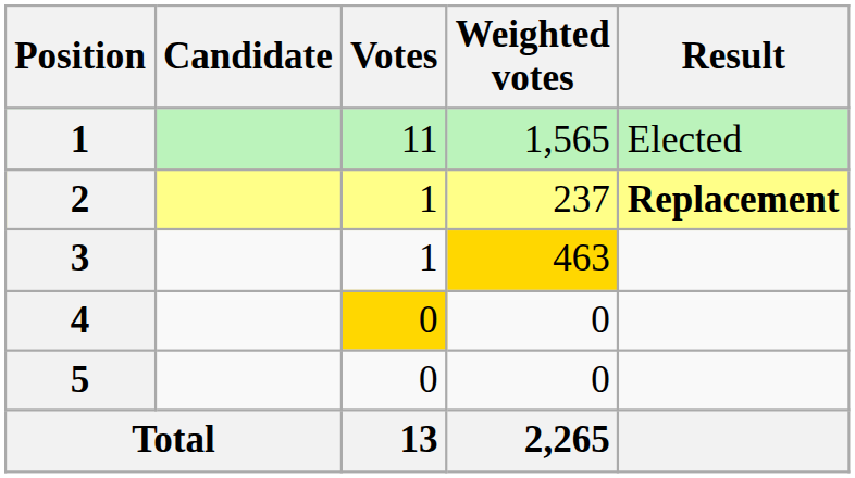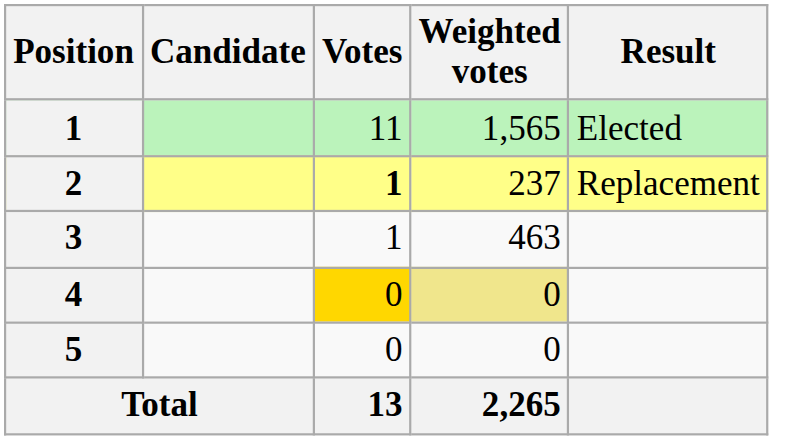 <table class="wikitable sortable">
 <tr>
 <th scope="col">Position</th>
 <th scope="col">Candidate</th>
 <th scope="col">Votes</th>
 <th scope="col">Weighted<br>votes</th>
 <th scope="col">Result</th>
 </tr>
 <tr bgcolor=bbf3bb>
 <th scope="row">1</th>
 <td></td>
 <td style="text-align:right">11</td>
 <td style="text-align:right">1,565</td>
 <td>Elected</td>
 </tr>
 <tr bgcolor=#FF8>
 <th scope="row">2</th>
 <td></td>
-<td style="text-align:right">1</td>
+<td style="text-align:right"><strong>1</strong></td>
 <td style="text-align:right">237</td>
-<td><strong>Replacement</strong></td>
+<td>Replacement</td>
 </tr>
 <tr>
 <th scope="row">3</th>
 <td></td>
 <td style="text-align:right">1</td>
-<td style="background: gold; text-align:right">463</td>
+<td style="text-align:right">463</td>
 <td></td>
 </tr>
 <tr>
 <th scope="row">4</th>
 <td></td>
 <td style="background: gold; text-align:right">0</td>
-<td style="text-align:right">0</td>
+<td style="background: khaki; text-align:right">0</td>
 <td></td>
 </tr>
 <tr>
 <th scope="row">5</th>
 <td></td>
 <td style="text-align:right">0</td>
 <td style="text-align:right">0</td>
 <td></td>
 </tr>
 <tr class="sortbottom">
 <th scope="row" colspan="2">Total</th>
 <th style="text-align:right">13</th>
 <th style="text-align:right">2,265</th>
 <th></th>
 </tr>
 </table>
